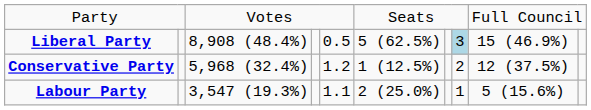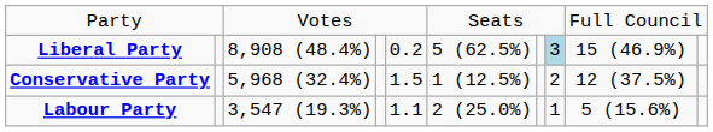 <table class=wikitable style="text-align:center;">
 <tr>
 <td colspan=2>Party</td>
 <td colspan=3>Votes</td>
 <td colspan=3>Seats</td>
 <td colspan=3>Full Council</td>
 </tr>
 <tr>
 <td><strong><a href='#'>Liberal Party</a></strong></td>
 <td style="background:"></td>
 <td>8,908 (48.4%)</td>
 <td></td>
-<td> 0.5</td>
+<td> 0.2</td>
 <td>5 (62.5%)</td>
 <td></td>
 <td style="background: lightblue;"> 3</td>
 <td>15 (46.9%)</td>
 <td></td>
 </tr>
 <tr>
 <td><strong><a href='#'>Conservative Party</a></strong></td>
 <td style="background:"></td>
 <td>5,968 (32.4%)</td>
 <td></td>
-<td> 1.2</td>
+<td> 1.5</td>
 <td>1 (12.5%)</td>
 <td></td>
 <td> 2</td>
 <td>12 (37.5%)</td>
 <td></td>
 </tr>
 <tr>
 <td><strong><a href='#'>Labour Party</a></strong></td>
 <td style="background:"></td>
 <td>3,547 (19.3%)</td>
 <td></td>
 <td> 1.1</td>
 <td>2 (25.0%)</td>
 <td></td>
 <td> 1</td>
 <td>5 (15.6%)</td>
 <td></td>
 </tr>
 </table>
